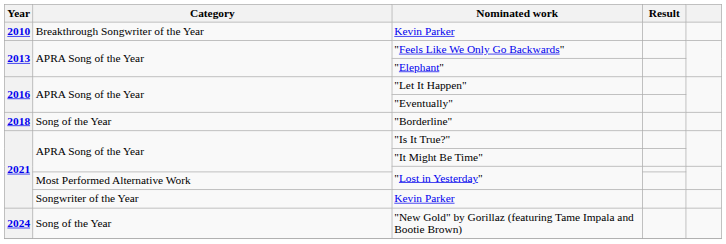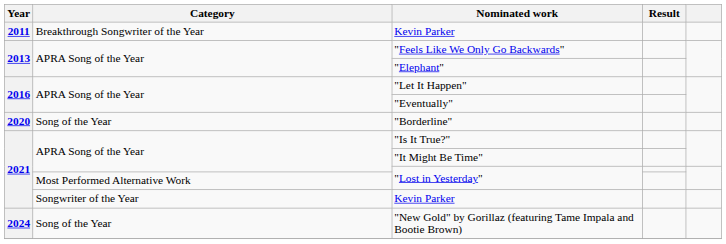 <table class="wikitable plainrowheaders" style="width:80%;">
 <tr>
 <th scope="col" style="width:4%;">Year</th>
 <th scope="col" style="width:50%;">Category</th>
 <th scope="col" style="width:35%;">Nominated work</th>
 <th scope="col" style="width:6%;">Result</th>
 <th scope="col" style="width:6%;"></th>
 </tr>
 <tr>
-<th scope="row"><a href='#'>2010</a></th>
+<th scope="row"><a href='#'>2011</a></th>
 <td>Breakthrough Songwriter of the Year</td>
 <td><a href='#'>Kevin Parker</a></td>
 <td></td>
 <td></td>
 </tr>
 <tr>
 <th scope="row" rowspan="2"><a href='#'>2013</a></th>
 <td rowspan="2">APRA Song of the Year</td>
 <td>"<a href='#'>Feels Like We Only Go Backwards</a>"</td>
 <td></td>
 <td rowspan="2"></td>
 </tr>
 <tr>
 <td>"<a href='#'>Elephant</a>"</td>
 <td></td>
 </tr>
 <tr>
 <th scope="row" rowspan="2"><a href='#'>2016</a></th>
 <td rowspan="2">APRA Song of the Year</td>
 <td>"Let It Happen"</td>
 <td></td>
 <td rowspan="2"></td>
 </tr>
 <tr>
 <td>"Eventually"</td>
 <td></td>
 </tr>
 <tr>
-<th scope="row"><a href='#'>2018</a></th>
+<th scope="row"><a href='#'>2020</a></th>
 <td>Song of the Year</td>
 <td>"Borderline"</td>
 <td></td>
 <td></td>
 </tr>
 <tr>
 <th scope="row" rowspan="5"><a href='#'>2021</a></th>
 <td rowspan="3">APRA Song of the Year</td>
 <td>"Is It True?"</td>
 <td></td>
 <td rowspan="2"></td>
 </tr>
 <tr>
 <td>"It Might Be Time"</td>
 <td></td>
 </tr>
 <tr>
 <td rowspan="2">"<a href='#'>Lost in Yesterday</a>"</td>
 <td></td>
 <td rowspan="2"></td>
 </tr>
 <tr>
 <td>Most Performed Alternative Work</td>
 <td></td>
 </tr>
 <tr>
 <td>Songwriter of the Year</td>
 <td><a href='#'>Kevin Parker</a></td>
 <td></td>
 <td></td>
 </tr>
 <tr>
 <th scope="row"><a href='#'>2024</a></th>
 <td>Song of the Year</td>
 <td>"New Gold" by Gorillaz (featuring Tame Impala and Bootie Brown)</td>
 <td></td>
 <td></td>
 </tr>
 <tr>
 </tr>
 </table>
